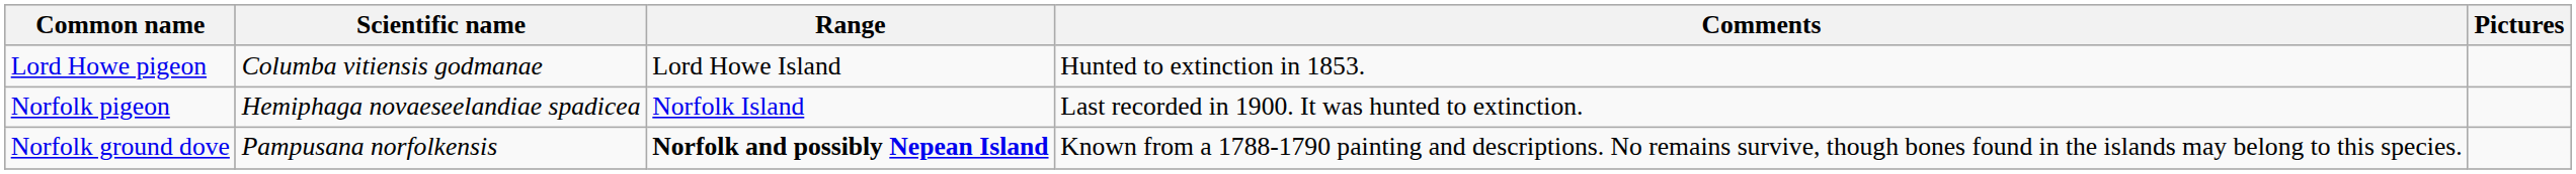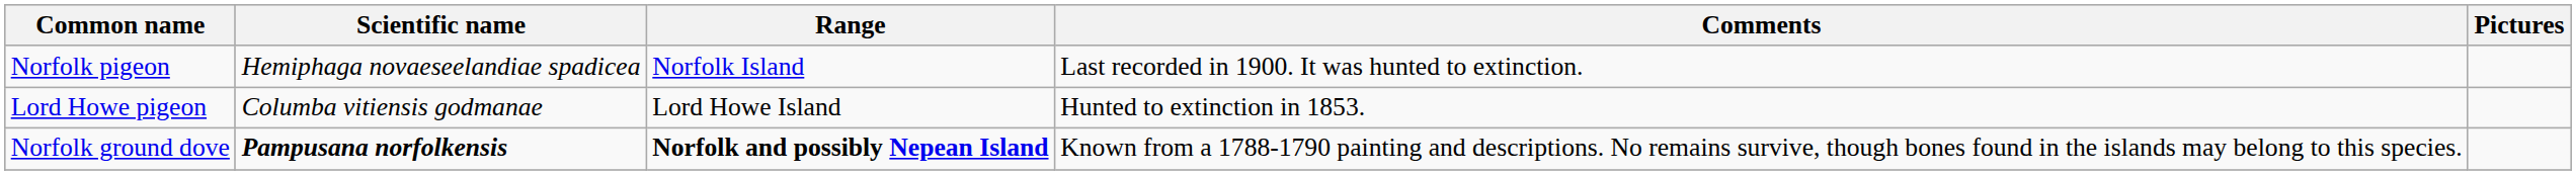 <table class="wikitable">
 <tr>
 <th>Common name</th>
 <th>Scientific name</th>
 <th>Range</th>
 <th class="unsortable">Comments</th>
 <th class="unsortable">Pictures</th>
 </tr>
 <tr>
+<td><a href='#'>Norfolk pigeon</a></td>
+<td><em>Hemiphaga novaeseelandiae spadicea</em></td>
+<td><a href='#'>Norfolk Island</a></td>
+<td>Last recorded in 1900. It was hunted to extinction.</td>
+<td></td>
+</tr>
+<tr>
 <td><a href='#'>Lord Howe pigeon</a></td>
 <td><em>Columba vitiensis godmanae</em></td>
 <td>Lord Howe Island</td>
 <td>Hunted to extinction in 1853.</td>
 <td></td>
 </tr>
 <tr>
-<td><a href='#'>Norfolk pigeon</a></td>
-<td><em>Hemiphaga novaeseelandiae spadicea</em></td>
-<td><a href='#'>Norfolk Island</a></td>
-<td>Last recorded in 1900. It was hunted to extinction.</td>
-<td></td>
-</tr>
-<tr>
 <td><a href='#'>Norfolk ground dove</a></td>
-<td><em>Pampusana norfolkensis</em></td>
+<td><strong><em>Pampusana norfolkensis</em></strong></td>
 <td><strong>Norfolk and possibly <a href='#'>Nepean Island</a></strong></td>
 <td>Known from a 1788-1790 painting and descriptions. No remains survive, though bones found in the islands may belong to this species.</td>
 <td></td>
 </tr>
 </table>
